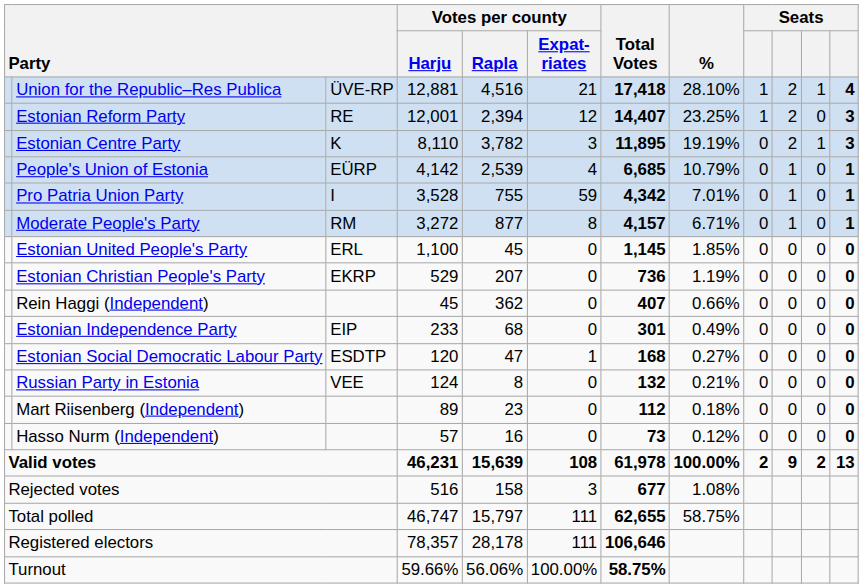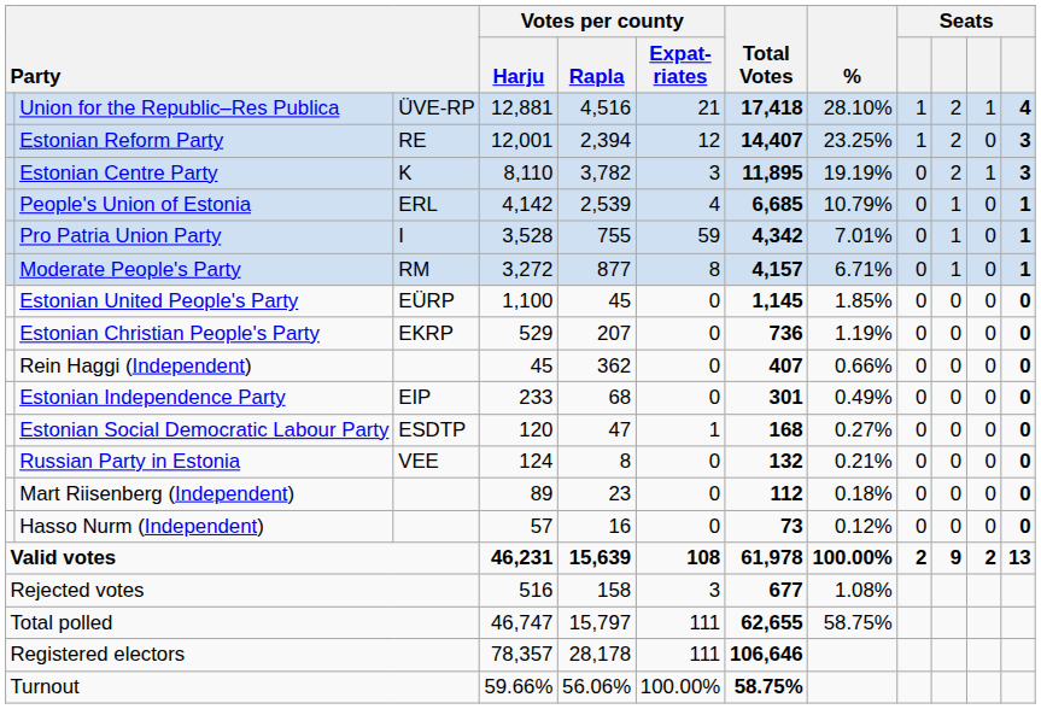 <table class="wikitable" border="1" style="text-align:right;">
 <tr>
 <th style="text-align:left;" valign=bottom rowspan=2 colspan=3>Party</th>
 <th colspan=3>Votes per county</th>
 <th align=center valign=bottom rowspan=2 width="50">Total Votes</th>
 <th align=center valign=bottom rowspan=2 width="50">%</th>
 <th colspan=4>Seats</th>
 </tr>
 <tr>
 <th align=center valign=bottom width="50"><a href='#'>Harju</a></th>
 <th align=center valign=bottom width="50"><a href='#'>Rapla</a></th>
 <th align=center valign=bottom width="50"><a href='#'>Expat- riates</a></th>
 <th align=center valign=bottom width="20"><small></small></th>
 <th align=center valign=bottom width="20"><small></small></th>
 <th align=center valign=bottom width="20"><small></small></th>
 <th align=center valign=bottom width="20"><small></small></th>
 </tr>
 <tr style="background:#CEE0F2;">
 <td style="background:"></td>
 <td align=left><a href='#'>Union for the Republic–Res Publica</a></td>
 <td align=left>ÜVE-RP</td>
 <td>12,881</td>
 <td>4,516</td>
 <td>21</td>
 <td><strong>17,418</strong></td>
 <td>28.10%</td>
 <td>1</td>
 <td>2</td>
 <td>1</td>
 <td><strong>4</strong></td>
 </tr>
 <tr style="background:#CEE0F2;">
 <td style="background:"></td>
 <td align=left><a href='#'>Estonian Reform Party</a></td>
 <td align=left>RE</td>
 <td>12,001</td>
 <td>2,394</td>
 <td>12</td>
 <td><strong>14,407</strong></td>
 <td>23.25%</td>
 <td>1</td>
 <td>2</td>
 <td>0</td>
 <td><strong>3</strong></td>
 </tr>
 <tr style="background:#CEE0F2;">
 <td style="background:"></td>
 <td align=left><a href='#'>Estonian Centre Party</a></td>
 <td align=left>K</td>
 <td>8,110</td>
 <td>3,782</td>
 <td>3</td>
 <td><strong>11,895</strong></td>
 <td>19.19%</td>
 <td>0</td>
 <td>2</td>
 <td>1</td>
 <td><strong>3</strong></td>
 </tr>
 <tr style="background:#CEE0F2;">
 <td style="background:"></td>
 <td align=left><a href='#'>People's Union of Estonia</a></td>
-<td align=left>EÜRP</td>
+<td align=left>ERL</td>
 <td>4,142</td>
 <td>2,539</td>
 <td>4</td>
 <td><strong>6,685</strong></td>
 <td>10.79%</td>
 <td>0</td>
 <td>1</td>
 <td>0</td>
 <td><strong>1</strong></td>
 </tr>
 <tr style="background:#CEE0F2;">
 <td style="background:"></td>
 <td align=left><a href='#'>Pro Patria Union Party</a></td>
 <td align=left>I</td>
 <td>3,528</td>
 <td>755</td>
 <td>59</td>
 <td><strong>4,342</strong></td>
 <td>7.01%</td>
 <td>0</td>
 <td>1</td>
 <td>0</td>
 <td><strong>1</strong></td>
 </tr>
 <tr style="background:#CEE0F2;">
 <td style="background:"></td>
 <td align=left><a href='#'>Moderate People's Party</a></td>
 <td align=left>RM</td>
 <td>3,272</td>
 <td>877</td>
 <td>8</td>
 <td><strong>4,157</strong></td>
 <td>6.71%</td>
 <td>0</td>
 <td>1</td>
 <td>0</td>
 <td><strong>1</strong></td>
 </tr>
 <tr>
 <td style="background:"></td>
 <td align=left><a href='#'>Estonian United People's Party</a></td>
-<td align=left>ERL</td>
+<td align=left>EÜRP</td>
 <td>1,100</td>
 <td>45</td>
 <td>0</td>
 <td><strong>1,145</strong></td>
 <td>1.85%</td>
 <td>0</td>
 <td>0</td>
 <td>0</td>
 <td><strong>0</strong></td>
 </tr>
 <tr>
 <td style="background:"></td>
 <td align=left><a href='#'>Estonian Christian People's Party</a></td>
 <td align=left>EKRP</td>
 <td>529</td>
 <td>207</td>
 <td>0</td>
 <td><strong>736</strong></td>
 <td>1.19%</td>
 <td>0</td>
 <td>0</td>
 <td>0</td>
 <td><strong>0</strong></td>
 </tr>
 <tr>
 <td style="background:"></td>
 <td align=left>Rein Haggi (<a href='#'>Independent</a>)</td>
 <td></td>
 <td>45</td>
 <td>362</td>
 <td>0</td>
 <td><strong>407</strong></td>
 <td>0.66%</td>
 <td>0</td>
 <td>0</td>
 <td>0</td>
 <td><strong>0</strong></td>
 </tr>
 <tr>
 <td style="background:"></td>
 <td align=left><a href='#'>Estonian Independence Party</a></td>
 <td align=left>EIP</td>
 <td>233</td>
 <td>68</td>
 <td>0</td>
 <td><strong>301</strong></td>
 <td>0.49%</td>
 <td>0</td>
 <td>0</td>
 <td>0</td>
 <td><strong>0</strong></td>
 </tr>
 <tr>
 <td style="background:"></td>
 <td align=left><a href='#'>Estonian Social Democratic Labour Party</a></td>
 <td align=left>ESDTP</td>
 <td>120</td>
 <td>47</td>
 <td>1</td>
 <td><strong>168</strong></td>
 <td>0.27%</td>
 <td>0</td>
 <td>0</td>
 <td>0</td>
 <td><strong>0</strong></td>
 </tr>
 <tr>
 <td></td>
 <td align=left><a href='#'>Russian Party in Estonia</a></td>
 <td align=left>VEE</td>
 <td>124</td>
 <td>8</td>
 <td>0</td>
 <td><strong>132</strong></td>
 <td>0.21%</td>
 <td>0</td>
 <td>0</td>
 <td>0</td>
 <td><strong>0</strong></td>
 </tr>
 <tr>
 <td style="background:"></td>
 <td align=left>Mart Riisenberg (<a href='#'>Independent</a>)</td>
 <td></td>
 <td>89</td>
 <td>23</td>
 <td>0</td>
 <td><strong>112</strong></td>
 <td>0.18%</td>
 <td>0</td>
 <td>0</td>
 <td>0</td>
 <td><strong>0</strong></td>
 </tr>
 <tr>
 <td style="background:"></td>
 <td align=left>Hasso Nurm (<a href='#'>Independent</a>)</td>
 <td></td>
 <td>57</td>
 <td>16</td>
 <td>0</td>
 <td><strong>73</strong></td>
 <td>0.12%</td>
 <td>0</td>
 <td>0</td>
 <td>0</td>
 <td><strong>0</strong></td>
 </tr>
 <tr style="font-weight:bold">
 <td align=left colspan=3>Valid votes</td>
 <td>46,231</td>
 <td>15,639</td>
 <td>108</td>
 <td>61,978</td>
 <td>100.00%</td>
 <td>2</td>
 <td>9</td>
 <td>2</td>
 <td>13</td>
 </tr>
 <tr>
 <td align=left colspan=3>Rejected votes</td>
 <td>516</td>
 <td>158</td>
 <td>3</td>
 <td><strong>677</strong></td>
 <td>1.08%</td>
 <td></td>
 <td></td>
 <td></td>
 <td></td>
 </tr>
 <tr>
 <td align=left colspan=3>Total polled</td>
 <td>46,747</td>
 <td>15,797</td>
 <td>111</td>
 <td><strong>62,655</strong></td>
 <td>58.75%</td>
 <td></td>
 <td></td>
 <td></td>
 <td></td>
 </tr>
 <tr>
 <td align=left colspan=3>Registered electors</td>
 <td>78,357</td>
 <td>28,178</td>
 <td>111</td>
 <td><strong>106,646</strong></td>
 <td></td>
 <td></td>
 <td></td>
 <td></td>
 <td></td>
 </tr>
 <tr>
 <td align=left colspan=3>Turnout</td>
 <td>59.66%</td>
 <td>56.06%</td>
 <td>100.00%</td>
 <td><strong>58.75%</strong></td>
 <td></td>
 <td></td>
 <td></td>
 <td></td>
 <td></td>
 </tr>
 </table>
